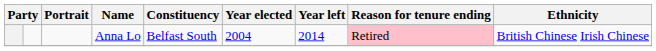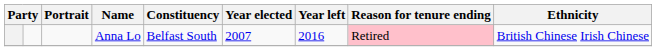 <table class="wikitable sortable">
 <tr>
 <th colspan=2>Party</th>
 <th>Portrait</th>
 <th>Name</th>
 <th>Constituency</th>
 <th>Year elected</th>
 <th>Year left</th>
 <th>Reason for tenure ending</th>
 <th>Ethnicity</th>
 </tr>
 <tr>
 <th style="background-color: "></th>
 <td></td>
 <td></td>
 <td><a href='#'>Anna Lo</a></td>
 <td><a href='#'>Belfast South</a></td>
-<td><a href='#'>2004</a></td>
-<td><a href='#'>2014</a></td>
+<td><a href='#'>2007</a></td>
+<td><a href='#'>2016</a></td>
 <td style="background: pink;">Retired</td>
 <td><a href='#'>British Chinese</a> <a href='#'>Irish Chinese</a></td>
 </tr>
 <tr>
 </tr>
 </table>
